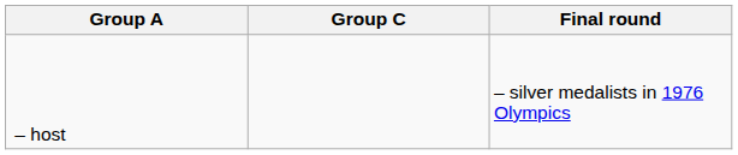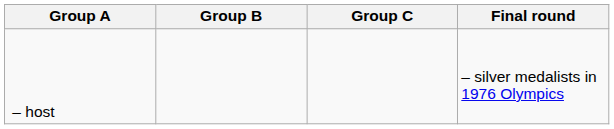 <table class="wikitable" width=100%>
 <tr>
 <th width=25%>Group A</th>
+<th width=25%>Group B</th>
 <th width=25%>Group C</th>
 <th width=25%>Final round</th>
 </tr>
 <tr>
 <td><br><br> <br> <br>  – host<br></td>
+<td><br><br> <br> <br> </td>
 <td><br><br> <br> <br></td>
 <td><br> – silver medalists in <a href='#'>1976 Olympics</a></td>
 </tr>
 </table>
